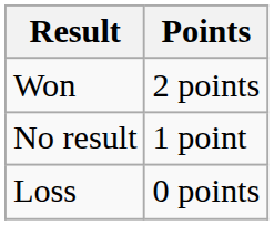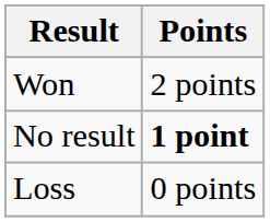 <table class="wikitable">
 <tr>
 <th>Result</th>
 <th>Points</th>
 </tr>
 <tr>
 <td>Won</td>
 <td>2 points</td>
 </tr>
 <tr>
 <td>No result</td>
-<td>1 point</td>
+<td><strong>1 point</strong></td>
 </tr>
 <tr>
 <td>Loss</td>
 <td>0 points</td>
 </tr>
 </table>
